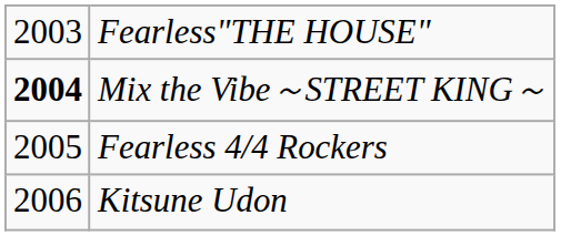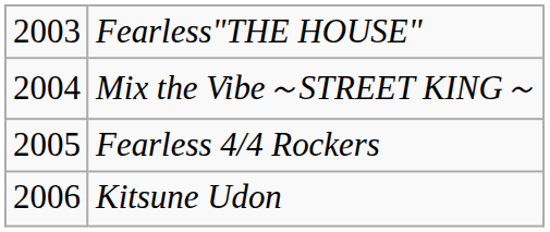 <table class="wikitable">
 <tr>
 <td>2003</td>
 <td><em>Fearless"THE HOUSE"</em></td>
 </tr>
 <tr>
-<td><strong>2004</strong></td>
+<td>2004</td>
 <td><em>Mix the Vibe～STREET KING～</em></td>
 </tr>
 <tr>
 <td>2005</td>
 <td><em>Fearless 4/4 Rockers</em></td>
 </tr>
 <tr>
 <td>2006</td>
 <td><em>Kitsune Udon</em></td>
 </tr>
 </table>
